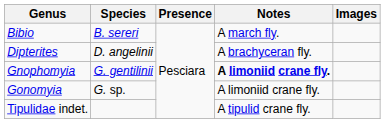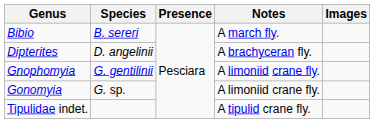 <table class="wikitable" align="center">
 <tr>
 <th>Genus</th>
 <th>Species</th>
 <th>Presence</th>
 <th>Notes</th>
 <th>Images</th>
 </tr>
 <tr>
 <td><em><a href='#'>Bibio</a></em></td>
 <td><em><a href='#'>B. sereri</a></em></td>
 <td rowspan="5">Pesciara</td>
 <td>A <a href='#'>march fly</a>.</td>
 <td></td>
 </tr>
 <tr>
 <td><em><a href='#'>Dipterites</a></em></td>
 <td><em>D. angelinii</em></td>
 <td>A <a href='#'>brachyceran</a> fly.</td>
 <td></td>
 </tr>
 <tr>
 <td><em><a href='#'>Gnophomyia</a></em></td>
 <td><em><a href='#'>G. gentilinii</a></em></td>
-<td><strong>A <a href='#'>limoniid</a> <a href='#'>crane fly</a>.</strong></td>
+<td>A <a href='#'>limoniid</a> <a href='#'>crane fly</a>.</td>
 <td></td>
 </tr>
 <tr>
 <td><em><a href='#'>Gonomyia</a></em></td>
 <td><em>G.</em> sp.</td>
 <td>A limoniid crane fly.</td>
 <td></td>
 </tr>
 <tr>
 <td><a href='#'>Tipulidae</a> indet.</td>
 <td></td>
 <td>A <a href='#'>tipulid</a> crane fly.</td>
 <td></td>
 </tr>
 </table>
